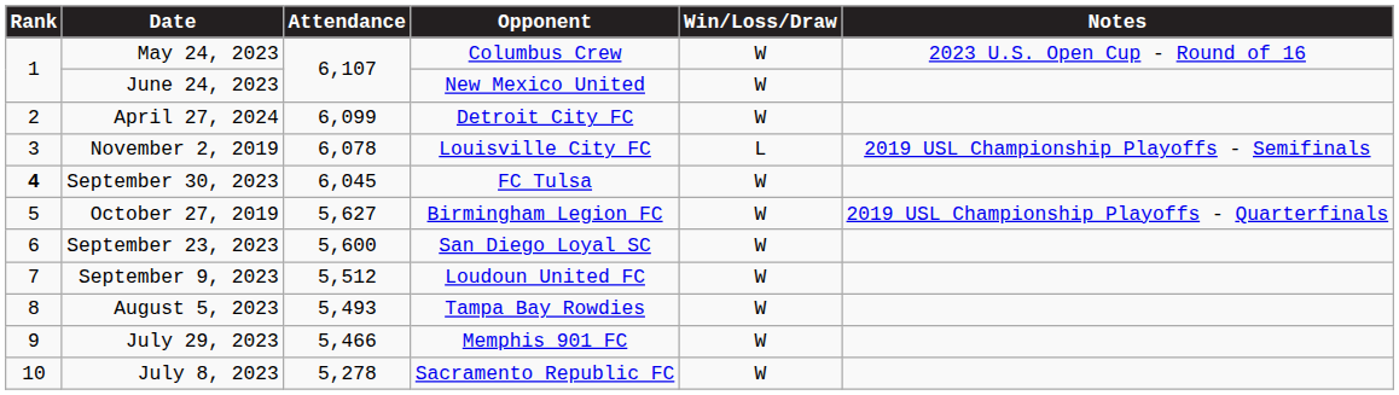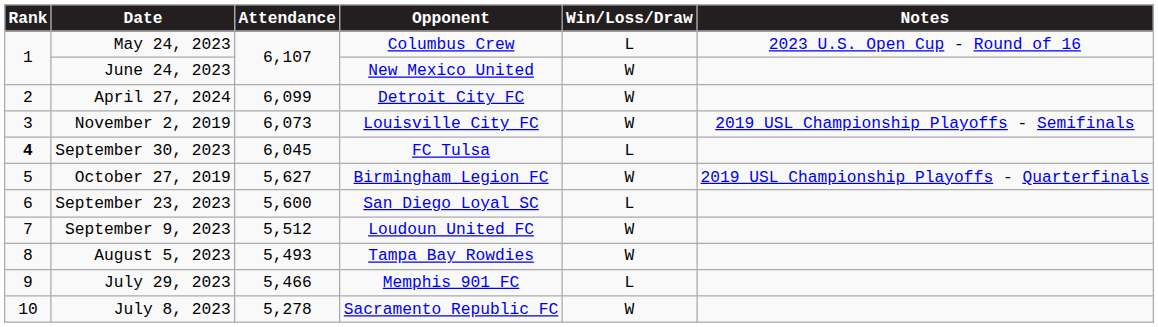 <table class=wikitable style="text-align:center">
 <tr>
 <th style="background:#231F20; color:#FFFFFF; ">Rank</th>
 <th style="background:#231F20; color:#FFFFFF; ">Date</th>
 <th style="background:#231F20; color:#FFFFFF; ">Attendance</th>
 <th style="background:#231F20; color:#FFFFFF; ">Opponent</th>
 <th style="background:#231F20; color:#FFFFFF; ">Win/Loss/Draw</th>
 <th style="background:#231F20; color:#FFFFFF; ">Notes</th>
 </tr>
 <tr>
 <td rowspan=2>1</td>
 <td align=right>May 24, 2023</td>
 <td rowspan=2>6,107</td>
 <td><a href='#'>Columbus Crew</a></td>
-<td>W</td>
+<td>L</td>
 <td><a href='#'>2023 U.S. Open Cup</a> - <a href='#'>Round of 16</a></td>
 </tr>
 <tr>
 <td align=right>June 24, 2023</td>
 <td><a href='#'>New Mexico United</a></td>
 <td>W</td>
 <td></td>
 </tr>
 <tr>
 <td>2</td>
 <td align=right>April 27, 2024</td>
 <td>6,099</td>
 <td><a href='#'>Detroit City FC</a></td>
 <td>W</td>
 <td></td>
 </tr>
 <tr>
 <td>3</td>
 <td align=right>November 2, 2019</td>
-<td>6,078</td>
+<td>6,073</td>
 <td><a href='#'>Louisville City FC</a></td>
-<td>L</td>
+<td>W</td>
 <td><a href='#'>2019 USL Championship Playoffs</a> - <a href='#'>Semifinals</a></td>
 </tr>
 <tr>
 <td><strong>4</strong></td>
 <td align=right>September 30, 2023</td>
 <td>6,045</td>
 <td><a href='#'>FC Tulsa</a></td>
-<td>W</td>
+<td>L</td>
 <td></td>
 </tr>
 <tr>
 <td>5</td>
 <td align=right>October 27, 2019</td>
 <td>5,627</td>
 <td><a href='#'>Birmingham Legion FC</a></td>
 <td>W</td>
 <td><a href='#'>2019 USL Championship Playoffs</a> - <a href='#'>Quarterfinals</a></td>
 </tr>
 <tr>
 <td>6</td>
 <td align=right>September 23, 2023</td>
 <td>5,600</td>
 <td><a href='#'>San Diego Loyal SC</a></td>
-<td>W</td>
+<td>L</td>
 <td></td>
 </tr>
 <tr>
 <td>7</td>
 <td align=right>September 9, 2023</td>
 <td>5,512</td>
 <td><a href='#'>Loudoun United FC</a></td>
 <td>W</td>
 <td></td>
 </tr>
 <tr>
 <td>8</td>
 <td align=right>August 5, 2023</td>
 <td>5,493</td>
 <td><a href='#'>Tampa Bay Rowdies</a></td>
 <td>W</td>
 <td></td>
 </tr>
 <tr>
 <td>9</td>
 <td align=right>July 29, 2023</td>
 <td>5,466</td>
 <td><a href='#'>Memphis 901 FC</a></td>
-<td>W</td>
+<td>L</td>
 <td></td>
 </tr>
 <tr>
 <td>10</td>
 <td align=right>July 8, 2023</td>
 <td>5,278</td>
 <td><a href='#'>Sacramento Republic FC</a></td>
 <td>W</td>
 <td></td>
 </tr>
 </table>
